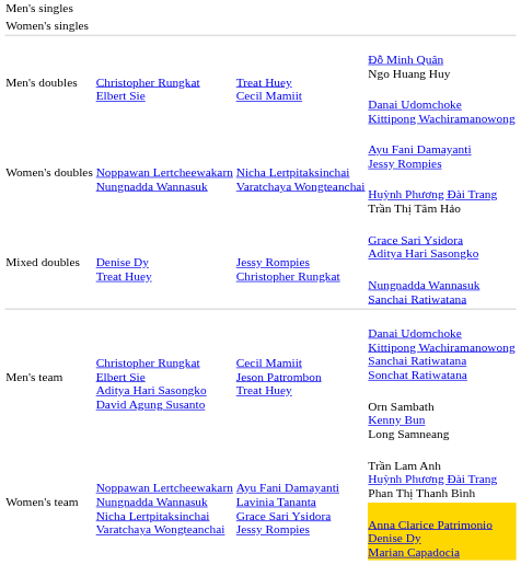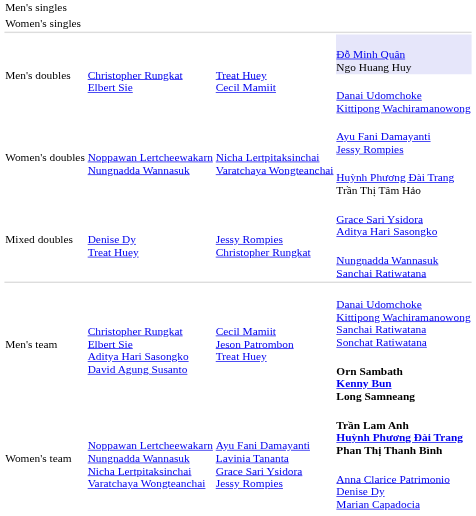 <table>
 <tr>
 <td rowspan=2>Men's singles<br></td>
 <td rowspan=2></td>
 <td rowspan=2></td>
 <td></td>
 </tr>
 <tr>
 <td></td>
 </tr>
 <tr>
 <td rowspan=2>Women's singles<br></td>
 <td rowspan=2></td>
 <td rowspan=2></td>
 <td></td>
 </tr>
 <tr>
 <td></td>
 </tr>
 <tr bgcolor=#DDDDDD>
 <td colspan=4></td>
 </tr>
 <tr>
 <td rowspan=2>Men's doubles<br></td>
 <td rowspan=2> <br><a href='#'>Christopher Rungkat</a> <br><a href='#'>Elbert Sie</a></td>
 <td rowspan=2> <br><a href='#'>Treat Huey</a><br> <a href='#'>Cecil Mamiit</a></td>
-<td> <br><a href='#'>Đỗ Minh Quân</a><br>Ngo Huang Huy</td>
+<td style="background: lavender;"> <br><a href='#'>Đỗ Minh Quân</a><br>Ngo Huang Huy</td>
 </tr>
 <tr>
 <td><br><a href='#'>Danai Udomchoke</a> <br><a href='#'>Kittipong Wachiramanowong</a></td>
 </tr>
 <tr>
 <td rowspan=2>Women's doubles<br></td>
 <td rowspan=2> <br><a href='#'>Noppawan Lertcheewakarn</a><br><a href='#'>Nungnadda Wannasuk</a></td>
 <td rowspan=2> <br><a href='#'>Nicha Lertpitaksinchai</a><br><a href='#'>Varatchaya Wongteanchai</a></td>
 <td> <br><a href='#'>Ayu Fani Damayanti</a><br><a href='#'>Jessy Rompies</a></td>
 </tr>
 <tr>
 <td> <br><a href='#'>Huỳnh Phương Đài Trang</a><br>Trần Thị Tâm Hảo</td>
 </tr>
 <tr>
 <td rowspan=2>Mixed doubles<br></td>
 <td rowspan=2> <br><a href='#'>Denise Dy</a><br><a href='#'>Treat Huey</a></td>
 <td rowspan=2> <br><a href='#'>Jessy Rompies</a><br><a href='#'>Christopher Rungkat</a></td>
 <td> <br><a href='#'>Grace Sari Ysidora</a><br><a href='#'>Aditya Hari Sasongko</a></td>
 </tr>
 <tr>
 <td> <br><a href='#'>Nungnadda Wannasuk</a><br><a href='#'>Sanchai Ratiwatana</a></td>
 </tr>
 <tr bgcolor=#DDDDDD>
 <td colspan=4></td>
 </tr>
 <tr>
 <td rowspan=2>Men's team<br></td>
 <td rowspan=2> <br> <a href='#'>Christopher Rungkat</a> <br> <a href='#'>Elbert Sie</a> <br> <a href='#'>Aditya Hari Sasongko</a> <br> <a href='#'>David Agung Susanto</a></td>
 <td rowspan=2> <br> <a href='#'>Cecil Mamiit</a> <br> <a href='#'>Jeson Patrombon</a> <br> <a href='#'>Treat Huey</a> <br>  </td>
 <td> <br> <a href='#'>Danai Udomchoke</a> <br> <a href='#'>Kittipong Wachiramanowong</a> <br> <a href='#'>Sanchai Ratiwatana</a> <br> <a href='#'>Sonchat Ratiwatana</a></td>
 </tr>
 <tr>
-<td> <br> Orn Sambath <br> <a href='#'>Kenny Bun</a> <br> Long Samneang</td>
+<td><strong> <br> Orn Sambath <br> <a href='#'>Kenny Bun</a> <br> Long Samneang</strong></td>
 </tr>
 <tr>
 <td rowspan=2>Women's team<br></td>
 <td rowspan=2> <br> <a href='#'>Noppawan Lertcheewakarn</a> <br> <a href='#'>Nungnadda Wannasuk</a> <br> <a href='#'>Nicha Lertpitaksinchai</a> <br> <a href='#'>Varatchaya Wongteanchai</a></td>
 <td rowspan=2> <br> <a href='#'>Ayu Fani Damayanti</a> <br> <a href='#'>Lavinia Tananta</a> <br> <a href='#'>Grace Sari Ysidora</a> <br> <a href='#'>Jessy Rompies</a></td>
-<td> <br> Trần Lam Anh <br> <a href='#'>Huỳnh Phương Đài Trang</a> <br> Phan Thị Thanh Bình</td>
+<td><strong> <br> Trần Lam Anh <br> <a href='#'>Huỳnh Phương Đài Trang</a> <br> Phan Thị Thanh Bình</strong></td>
 </tr>
 <tr>
-<td style="background: gold;"> <br> <a href='#'>Anna Clarice Patrimonio</a> <br> <a href='#'>Denise Dy</a> <br> <a href='#'>Marian Capadocia</a></td>
+<td> <br> <a href='#'>Anna Clarice Patrimonio</a> <br> <a href='#'>Denise Dy</a> <br> <a href='#'>Marian Capadocia</a></td>
 </tr>
 </table>
